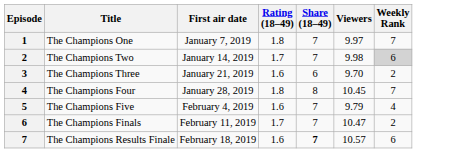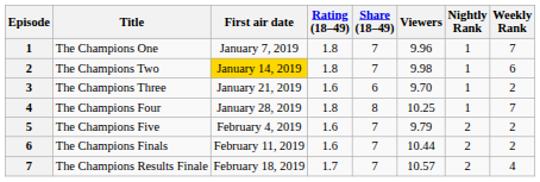 <table class="wikitable" style="text-align:center">
 <tr>
 <th>Episode</th>
 <th>Title</th>
 <th>First air date</th>
 <th><a href='#'>Rating</a><br>(18–49)</th>
 <th><a href='#'>Share</a><br>(18–49)</th>
 <th>Viewers<br></th>
+<th>Nightly<br>Rank</th>
 <th>Weekly<br>Rank</th>
 </tr>
 <tr>
 <th>1</th>
 <td style="text-align:left;">The Champions One</td>
 <td>January 7, 2019</td>
 <td>1.8</td>
 <td>7</td>
-<td>9.97</td>
+<td>9.96</td>
+<td>1</td>
 <td>7</td>
 </tr>
 <tr>
 <th>2</th>
 <td style="text-align:left;">The Champions Two</td>
-<td>January 14, 2019</td>
-<td>1.7</td>
+<td style="background: gold;">January 14, 2019</td>
+<td>1.8</td>
 <td>7</td>
 <td>9.98</td>
-<td style="background: lightgrey;">6</td>
+<td>1</td>
+<td>6</td>
 </tr>
 <tr>
 <th>3</th>
 <td style="text-align:left;">The Champions Three</td>
 <td>January 21, 2019</td>
 <td>1.6</td>
 <td>6</td>
 <td>9.70</td>
+<td>1</td>
 <td>2</td>
 </tr>
 <tr>
 <th>4</th>
 <td style="text-align:left;">The Champions Four</td>
 <td>January 28, 2019</td>
 <td>1.8</td>
 <td>8</td>
-<td>10.45</td>
+<td>10.25</td>
+<td>1</td>
 <td>7</td>
 </tr>
 <tr>
 <th>5</th>
 <td style="text-align:left;">The Champions Five</td>
 <td>February 4, 2019</td>
 <td>1.6</td>
 <td>7</td>
 <td>9.79</td>
-<td>4</td>
+<td>2</td>
+<td>2</td>
 </tr>
 <tr>
 <th>6</th>
 <td style="text-align:left;">The Champions Finals</td>
 <td>February 11, 2019</td>
-<td>1.7</td>
+<td>1.6</td>
 <td>7</td>
-<td>10.47</td>
+<td>10.44</td>
+<td>2</td>
 <td>2</td>
 </tr>
 <tr>
 <th>7</th>
 <td style="text-align:left;">The Champions Results Finale</td>
 <td>February 18, 2019</td>
-<td>1.6</td>
-<td><strong>7</strong></td>
+<td>1.7</td>
+<td>7</td>
 <td>10.57</td>
-<td>6</td>
+<td>2</td>
+<td>4</td>
 </tr>
 </table>
